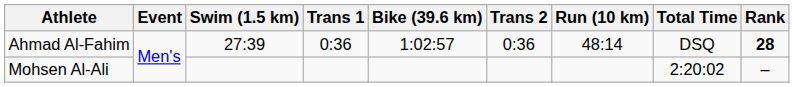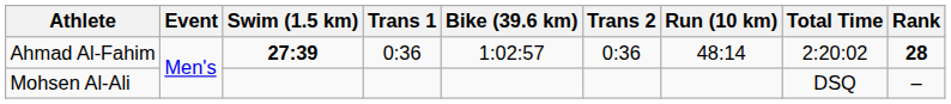 <table class=wikitable style=font-size:90%;text-align:center>
 <tr>
 <th>Athlete</th>
 <th>Event</th>
 <th>Swim (1.5 km)</th>
 <th>Trans 1</th>
 <th>Bike (39.6 km)</th>
 <th>Trans 2</th>
 <th>Run (10 km)</th>
 <th>Total Time</th>
 <th>Rank</th>
 </tr>
 <tr>
 <td align=left>Ahmad Al-Fahim</td>
 <td align=left rowspan=2><a href='#'>Men's</a></td>
-<td>27:39</td>
+<td><strong>27:39</strong></td>
 <td>0:36</td>
 <td>1:02:57</td>
 <td>0:36</td>
 <td>48:14</td>
-<td>DSQ</td>
+<td>2:20:02</td>
 <td><strong>28</strong></td>
 </tr>
 <tr>
 <td align=left>Mohsen Al-Ali</td>
 <td></td>
 <td></td>
 <td></td>
 <td></td>
 <td></td>
-<td>2:20:02</td>
+<td>DSQ</td>
 <td>–</td>
 </tr>
 </table>
